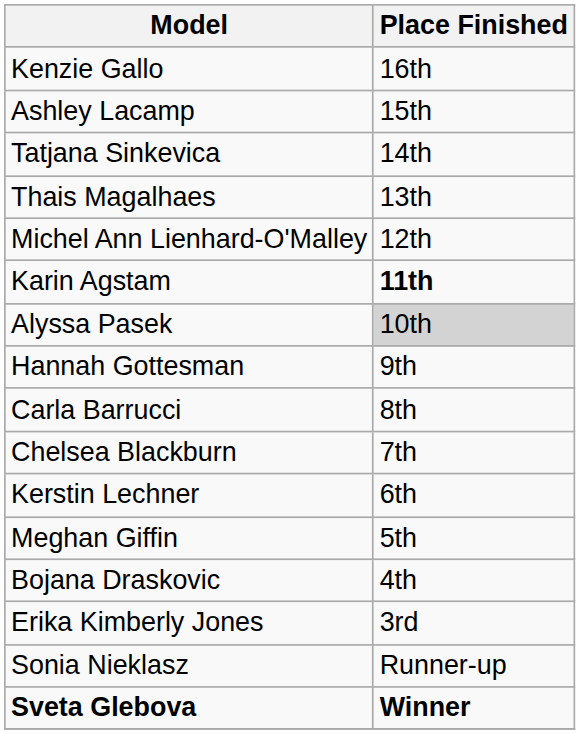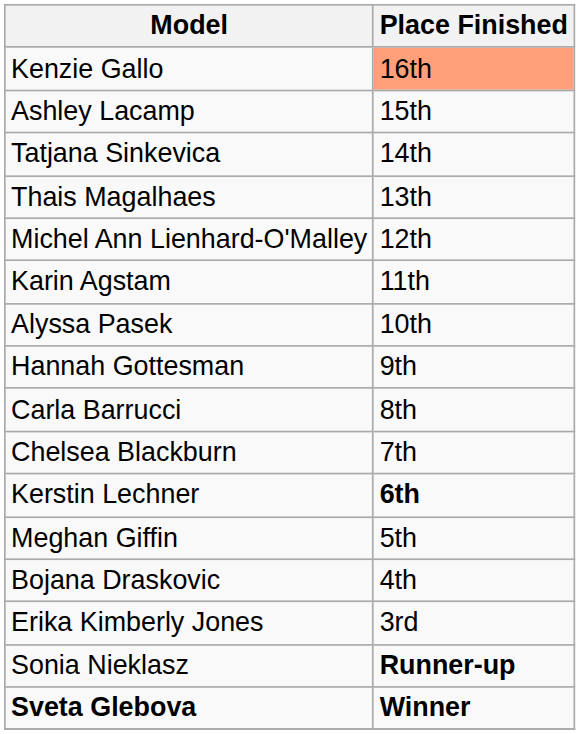 <table class="wikitable sortable">
 <tr>
 <th>Model</th>
 <th>Place Finished</th>
 </tr>
 <tr>
 <td>Kenzie Gallo</td>
-<td>16th</td>
+<td style="background: lightsalmon;">16th</td>
 </tr>
 <tr>
 <td>Ashley Lacamp</td>
 <td>15th</td>
 </tr>
 <tr>
 <td>Tatjana Sinkevica</td>
 <td>14th</td>
 </tr>
 <tr>
 <td>Thais Magalhaes</td>
 <td>13th</td>
 </tr>
 <tr>
 <td>Michel Ann Lienhard-O'Malley</td>
 <td>12th</td>
 </tr>
 <tr>
 <td>Karin Agstam</td>
-<td><strong>11th</strong></td>
+<td>11th</td>
 </tr>
 <tr>
 <td>Alyssa Pasek</td>
-<td style="background: lightgrey;">10th</td>
+<td>10th</td>
 </tr>
 <tr>
 <td>Hannah Gottesman</td>
 <td>9th</td>
 </tr>
 <tr>
 <td>Carla Barrucci</td>
 <td>8th</td>
 </tr>
 <tr>
 <td>Chelsea Blackburn</td>
 <td>7th</td>
 </tr>
 <tr>
 <td>Kerstin Lechner</td>
-<td>6th</td>
+<td><strong>6th</strong></td>
 </tr>
 <tr>
 <td>Meghan Giffin</td>
 <td>5th</td>
 </tr>
 <tr>
 <td>Bojana Draskovic</td>
 <td>4th</td>
 </tr>
 <tr>
 <td>Erika Kimberly Jones</td>
 <td>3rd</td>
 </tr>
 <tr>
 <td>Sonia Nieklasz</td>
-<td>Runner-up</td>
+<td><strong>Runner-up</strong></td>
 </tr>
 <tr>
 <td><strong>Sveta Glebova</strong></td>
 <td><strong>Winner</strong></td>
 </tr>
 <tr>
 </tr>
 </table>
